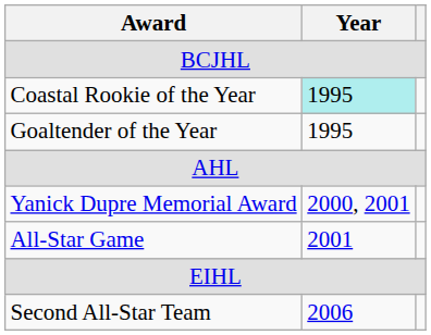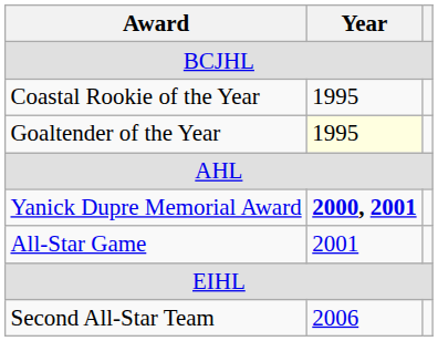 <table class="wikitable">
 <tr>
 <th>Award</th>
 <th>Year</th>
 <th></th>
 </tr>
 <tr ALIGN="center" bgcolor="#e0e0e0">
 <td colspan="3"><a href='#'>BCJHL</a></td>
 </tr>
 <tr>
 <td>Coastal Rookie of the Year</td>
-<td style="background: paleturquoise;">1995</td>
+<td>1995</td>
 <td></td>
 </tr>
 <tr>
 <td>Goaltender of the Year</td>
-<td>1995</td>
+<td style="background: lightyellow;">1995</td>
 <td></td>
 </tr>
 <tr ALIGN="center" bgcolor="#e0e0e0">
 <td colspan="3"><a href='#'>AHL</a></td>
 </tr>
 <tr>
 <td><a href='#'>Yanick Dupre Memorial Award</a></td>
-<td><a href='#'>2000</a>, <a href='#'>2001</a></td>
+<td><strong><a href='#'>2000</a>, <a href='#'>2001</a></strong></td>
 <td></td>
 </tr>
 <tr>
 <td><a href='#'>All-Star Game</a></td>
 <td><a href='#'>2001</a></td>
 <td></td>
 </tr>
 <tr ALIGN="center" bgcolor="#e0e0e0">
 <td colspan="3"><a href='#'>EIHL</a></td>
 </tr>
 <tr>
 <td>Second All-Star Team</td>
 <td><a href='#'>2006</a></td>
 <td></td>
 </tr>
 </table>
